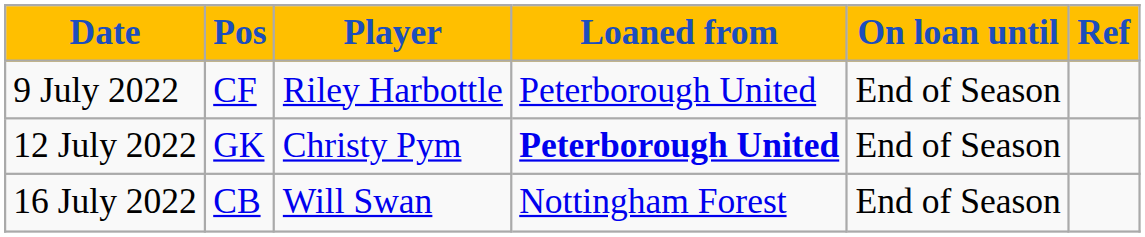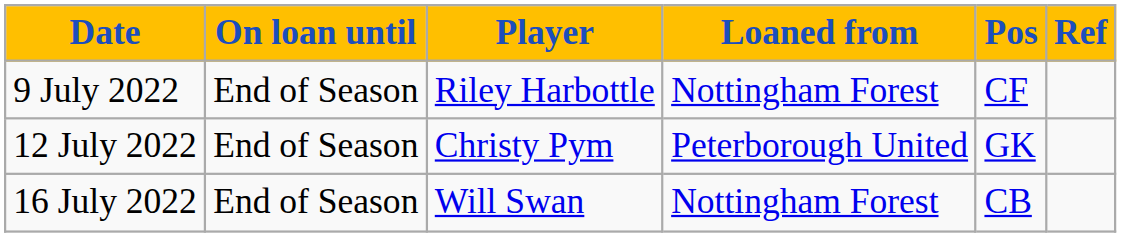 <table class="wikitable plainrowheaders sortable">
 <tr>
 <th style="background:#ffbf00; color:#1C4EBD; ">Date</th>
-<th style="background:#ffbf00; color:#1C4EBD; ">Pos</th>
+<th style="background:#FFbf00; color:#1C4EBD; ">On loan until</th>
 <th style="background:#FFbf00; color:#1C4EBD; ">Player</th>
 <th style="background:#FFbf00; color:#1C4EBD; ">Loaned from</th>
-<th style="background:#FFbf00; color:#1C4EBD; ">On loan until</th>
+<th style="background:#ffbf00; color:#1C4EBD; ">Pos</th>
 <th style="background:#FFbf00; color:#1C4EBD; ">Ref</th>
 </tr>
 <tr>
 <td>9 July 2022</td>
+<td>End of Season</td>
+<td> <a href='#'>Riley Harbottle</a></td>
+<td> <a href='#'>Nottingham Forest</a></td>
 <td><a href='#'>CF</a></td>
-<td> <a href='#'>Riley Harbottle</a></td>
-<td> <a href='#'>Peterborough United</a></td>
-<td>End of Season</td>
 <td></td>
 </tr>
 <tr>
 <td>12 July 2022</td>
+<td>End of Season</td>
+<td> <a href='#'>Christy Pym</a></td>
+<td> <a href='#'>Peterborough United</a></td>
 <td><a href='#'>GK</a></td>
-<td> <a href='#'>Christy Pym</a></td>
-<td><strong> <a href='#'>Peterborough United</a></strong></td>
-<td>End of Season</td>
 <td></td>
 </tr>
 <tr>
 <td>16 July 2022</td>
-<td><a href='#'>CB</a></td>
+<td>End of Season</td>
 <td> <a href='#'>Will Swan</a></td>
 <td> <a href='#'>Nottingham Forest</a></td>
-<td>End of Season</td>
+<td><a href='#'>CB</a></td>
 <td></td>
 </tr>
 </table>
